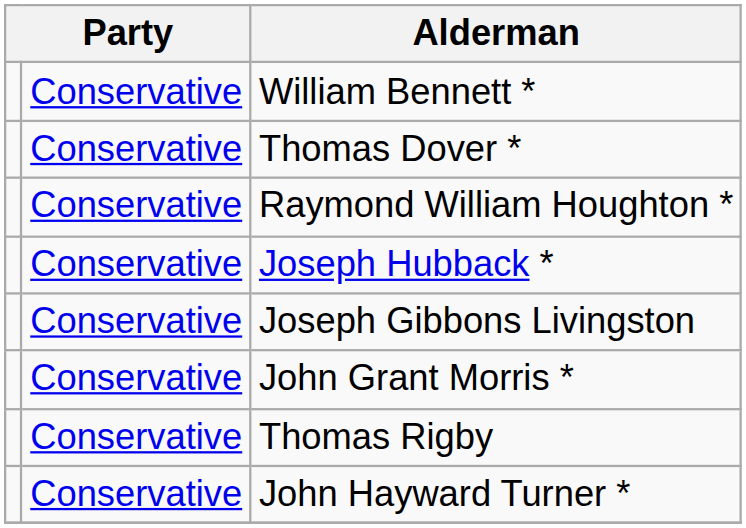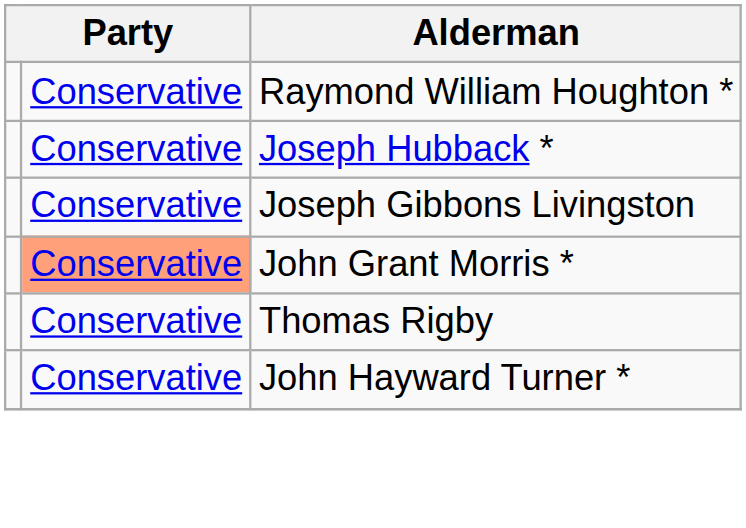 <table class="wikitable">
 <tr>
 <th colspan="2">Party</th>
 <th>Alderman</th>
-</tr>
-<tr>
-<td style="background-color:"></td>
-<td><a href='#'>Conservative</a></td>
-<td>William Bennett *</td>
-</tr>
-<tr>
-<td style="background-color:"></td>
-<td><a href='#'>Conservative</a></td>
-<td>Thomas Dover *</td>
 </tr>
 <tr>
 <td style="background-color:"></td>
 <td><a href='#'>Conservative</a></td>
 <td>Raymond William Houghton *</td>
 </tr>
 <tr>
 <td style="background-color:"></td>
 <td><a href='#'>Conservative</a></td>
 <td><a href='#'>Joseph Hubback</a> *</td>
 </tr>
 <tr>
 <td style="background-color:"></td>
 <td><a href='#'>Conservative</a></td>
 <td>Joseph Gibbons Livingston</td>
 </tr>
 <tr>
 <td style="background-color:"></td>
-<td><a href='#'>Conservative</a></td>
+<td style="background: lightsalmon;"><a href='#'>Conservative</a></td>
 <td>John Grant Morris *</td>
 </tr>
 <tr>
 <td style="background-color:"></td>
 <td><a href='#'>Conservative</a></td>
 <td>Thomas Rigby</td>
 </tr>
 <tr>
 <td style="background-color:"></td>
 <td><a href='#'>Conservative</a></td>
 <td>John Hayward Turner *</td>
 </tr>
 <tr>
 </tr>
 </table>
